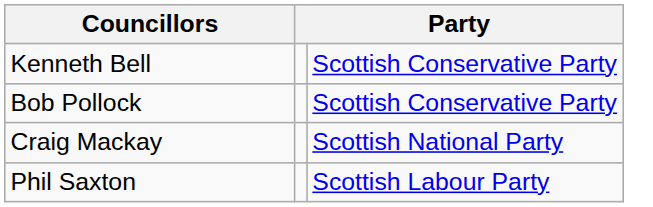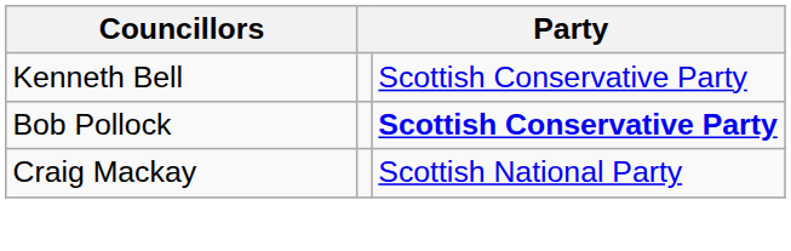 <table class = "wikitable">
 <tr>
 <th style="width:180px;"><strong>Councillors</strong></th>
 <th colspan="2" style="width:120px;">Party</th>
 </tr>
 <tr>
 <td>Kenneth Bell</td>
 <td></td>
 <td><a href='#'>Scottish Conservative Party</a></td>
 </tr>
 <tr>
 <td>Bob Pollock</td>
 <td></td>
-<td><a href='#'>Scottish Conservative Party</a></td>
+<td><strong><a href='#'>Scottish Conservative Party</a></strong></td>
 </tr>
 <tr>
 <td>Craig Mackay</td>
 <td></td>
 <td><a href='#'>Scottish National Party</a></td>
 </tr>
-<tr>
-<td>Phil Saxton</td>
-<td></td>
-<td><a href='#'>Scottish Labour Party</a></td>
-</tr>
 </table>
